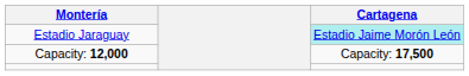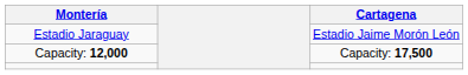 <table class="wikitable" style="text-align:center">
 <tr>
 <th width=33.3%><a href='#'>Montería</a></th>
 <th width=33.3% rowspan="4"></th>
 <th width=33.3%><a href='#'>Cartagena</a></th>
 </tr>
 <tr>
 <td><a href='#'>Estadio Jaraguay</a></td>
-<td style="background: paleturquoise;"><a href='#'>Estadio Jaime Morón León</a></td>
+<td><a href='#'>Estadio Jaime Morón León</a></td>
 </tr>
 <tr>
 <td>Capacity: <strong>12,000</strong></td>
 <td>Capacity: <strong>17,500</strong></td>
 </tr>
 <tr>
 <td></td>
 <td></td>
 </tr>
 </table>
